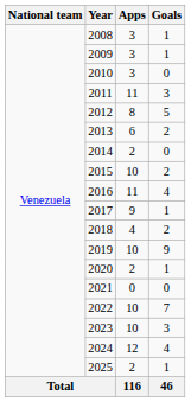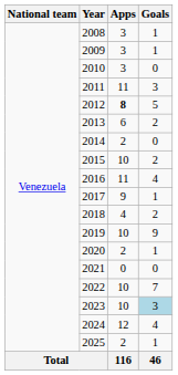 <table class="wikitable" style="text-align:center">
 <tr>
 <th>National team</th>
 <th>Year</th>
 <th>Apps</th>
 <th>Goals</th>
 </tr>
 <tr>
 <td rowspan="18"><a href='#'>Venezuela</a></td>
 <td>2008</td>
 <td>3</td>
 <td>1</td>
 </tr>
 <tr>
 <td>2009</td>
 <td>3</td>
 <td>1</td>
 </tr>
 <tr>
 <td>2010</td>
 <td>3</td>
 <td>0</td>
 </tr>
 <tr>
 <td>2011</td>
 <td>11</td>
 <td>3</td>
 </tr>
 <tr>
 <td>2012</td>
-<td>8</td>
+<td><strong>8</strong></td>
 <td>5</td>
 </tr>
 <tr>
 <td>2013</td>
 <td>6</td>
 <td>2</td>
 </tr>
 <tr>
 <td>2014</td>
 <td>2</td>
 <td>0</td>
 </tr>
 <tr>
 <td>2015</td>
 <td>10</td>
 <td>2</td>
 </tr>
 <tr>
 <td>2016</td>
 <td>11</td>
 <td>4</td>
 </tr>
 <tr>
 <td>2017</td>
 <td>9</td>
 <td>1</td>
 </tr>
 <tr>
 <td>2018</td>
 <td>4</td>
 <td>2</td>
 </tr>
 <tr>
 <td>2019</td>
 <td>10</td>
 <td>9</td>
 </tr>
 <tr>
 <td>2020</td>
 <td>2</td>
 <td>1</td>
 </tr>
 <tr>
 <td>2021</td>
 <td>0</td>
 <td>0</td>
 </tr>
 <tr>
 <td>2022</td>
 <td>10</td>
 <td>7</td>
 </tr>
 <tr>
 <td>2023</td>
 <td>10</td>
-<td>3</td>
+<td style="background: lightblue;">3</td>
 </tr>
 <tr>
 <td>2024</td>
 <td>12</td>
 <td>4</td>
 </tr>
 <tr>
 <td>2025</td>
 <td>2</td>
 <td>1</td>
 </tr>
 <tr>
 <th colspan="2">Total</th>
 <th>116</th>
 <th>46</th>
 </tr>
 </table>
